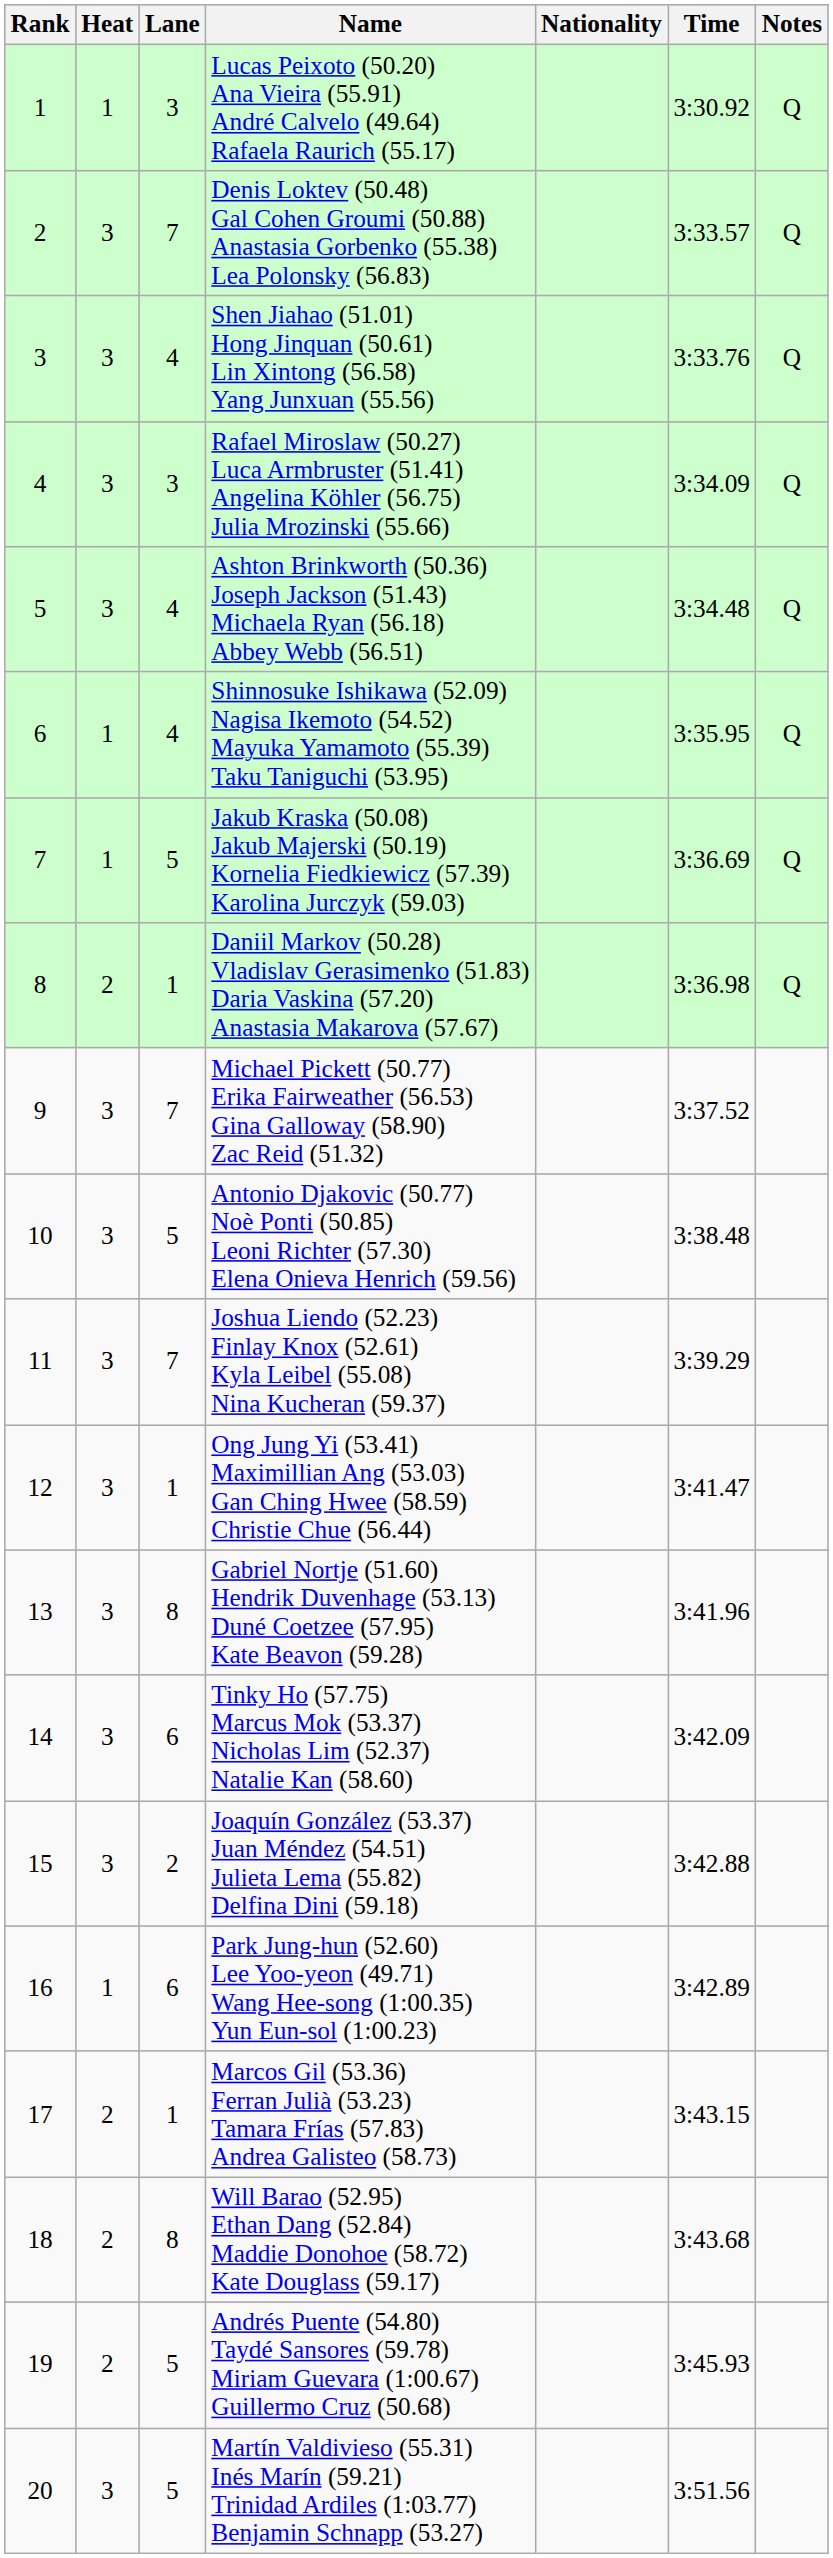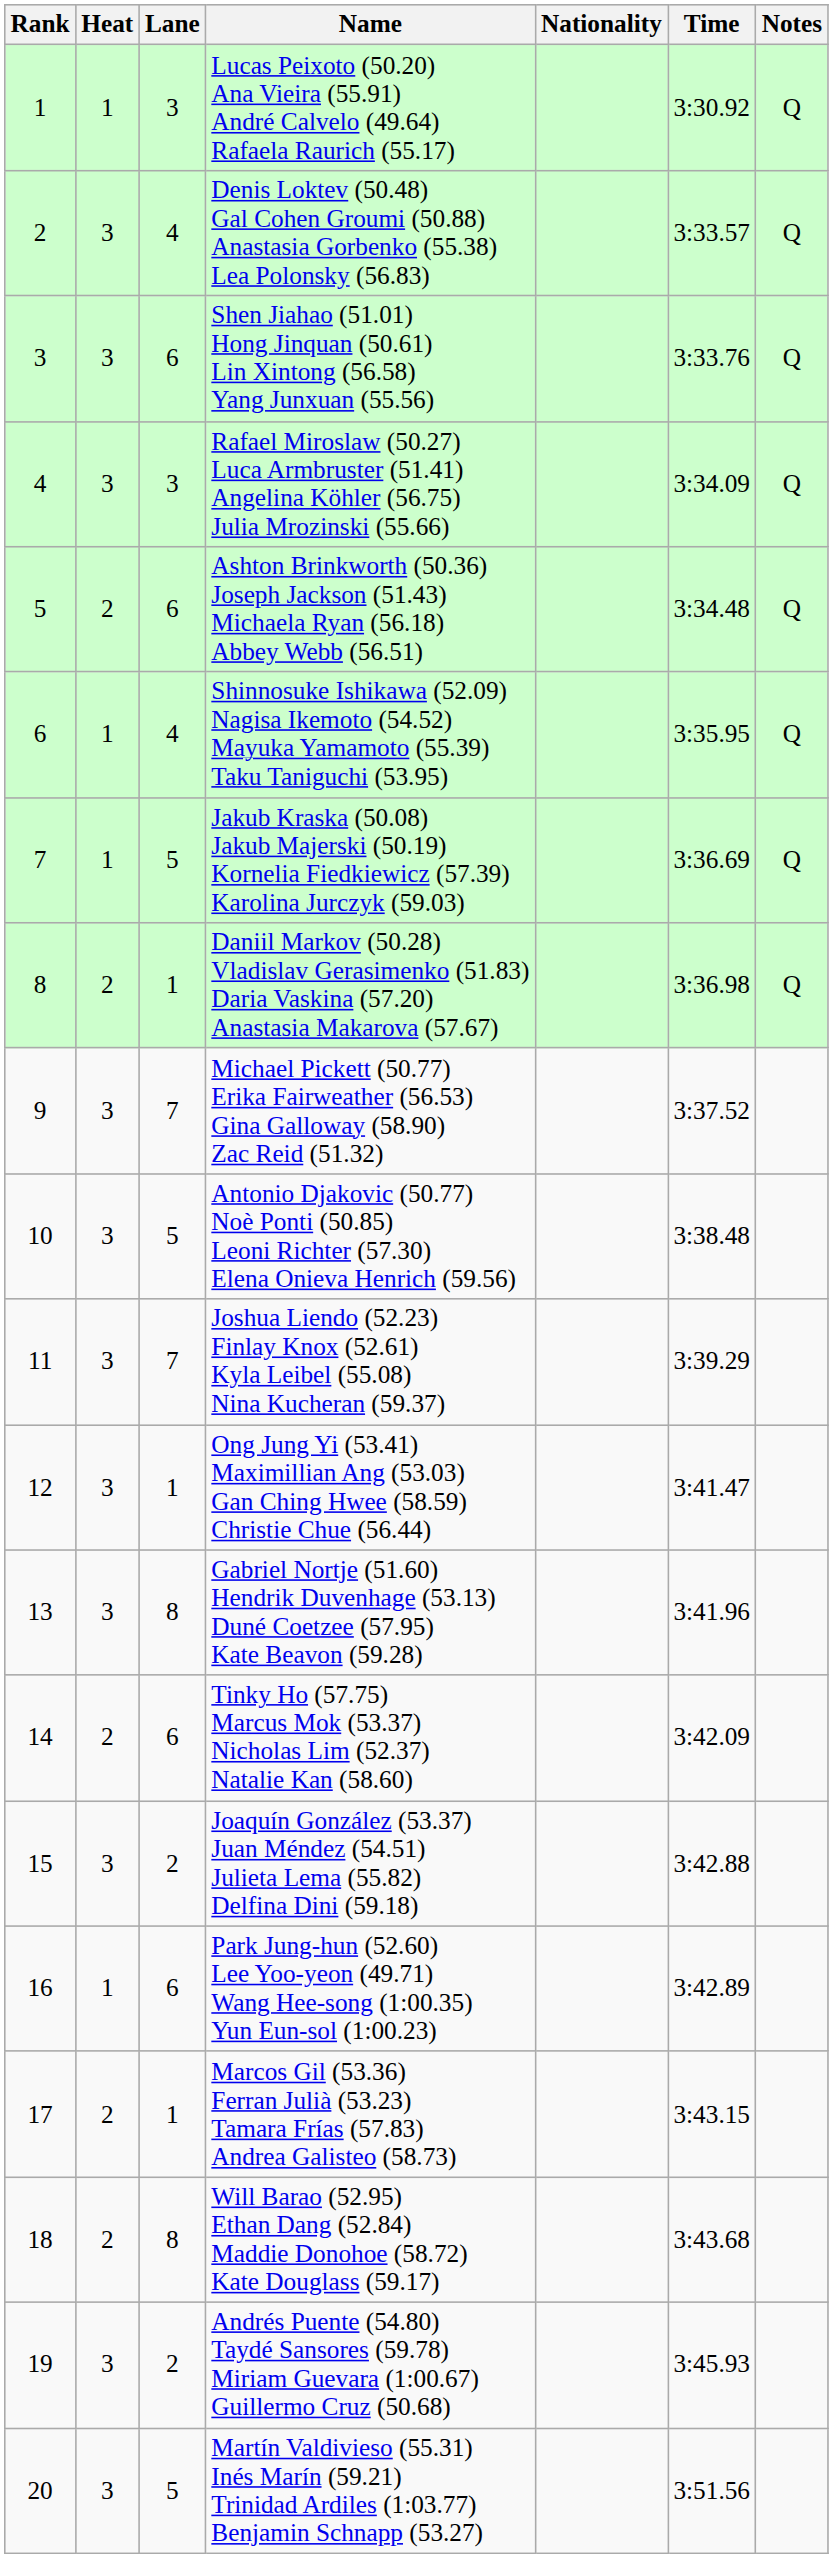 <table class="wikitable sortable" style="text-align:center">
 <tr>
 <th>Rank</th>
 <th>Heat</th>
 <th>Lane</th>
 <th>Name</th>
 <th>Nationality</th>
 <th>Time</th>
 <th>Notes</th>
 </tr>
 <tr bgcolor=ccffcc>
 <td>1</td>
 <td>1</td>
 <td>3</td>
 <td align=left><a href='#'>Lucas Peixoto</a> (50.20)<br><a href='#'>Ana Vieira</a> (55.91)<br><a href='#'>André Calvelo</a> (49.64)<br><a href='#'>Rafaela Raurich</a> (55.17)</td>
 <td align=left></td>
 <td>3:30.92</td>
 <td>Q</td>
 </tr>
 <tr bgcolor=ccffcc>
 <td>2</td>
 <td>3</td>
-<td>7</td>
+<td>4</td>
 <td align=left><a href='#'>Denis Loktev</a> (50.48)<br><a href='#'>Gal Cohen Groumi</a> (50.88)<br><a href='#'>Anastasia Gorbenko</a> (55.38)<br><a href='#'>Lea Polonsky</a> (56.83)</td>
 <td align=left></td>
 <td>3:33.57</td>
 <td>Q</td>
 </tr>
 <tr bgcolor=ccffcc>
 <td>3</td>
 <td>3</td>
-<td>4</td>
+<td>6</td>
 <td align=left><a href='#'>Shen Jiahao</a> (51.01)<br><a href='#'>Hong Jinquan</a> (50.61)<br><a href='#'>Lin Xintong</a> (56.58)<br><a href='#'>Yang Junxuan</a> (55.56)</td>
 <td align=left></td>
 <td>3:33.76</td>
 <td>Q</td>
 </tr>
 <tr bgcolor=ccffcc>
 <td>4</td>
 <td>3</td>
 <td>3</td>
 <td align=left><a href='#'>Rafael Miroslaw</a> (50.27)<br><a href='#'>Luca Armbruster</a> (51.41)<br><a href='#'>Angelina Köhler</a> (56.75)<br><a href='#'>Julia Mrozinski</a> (55.66)</td>
 <td align=left></td>
 <td>3:34.09</td>
 <td>Q</td>
 </tr>
 <tr bgcolor=ccffcc>
 <td>5</td>
-<td>3</td>
-<td>4</td>
+<td>2</td>
+<td>6</td>
 <td align=left><a href='#'>Ashton Brinkworth</a> (50.36)<br><a href='#'>Joseph Jackson</a> (51.43)<br><a href='#'>Michaela Ryan</a> (56.18)<br><a href='#'>Abbey Webb</a> (56.51)</td>
 <td align=left></td>
 <td>3:34.48</td>
 <td>Q</td>
 </tr>
 <tr bgcolor=ccffcc>
 <td>6</td>
 <td>1</td>
 <td>4</td>
 <td align=left><a href='#'>Shinnosuke Ishikawa</a> (52.09)<br><a href='#'>Nagisa Ikemoto</a> (54.52)<br><a href='#'>Mayuka Yamamoto</a> (55.39)<br><a href='#'>Taku Taniguchi</a> (53.95)</td>
 <td align=left></td>
 <td>3:35.95</td>
 <td>Q</td>
 </tr>
 <tr bgcolor=ccffcc>
 <td>7</td>
 <td>1</td>
 <td>5</td>
 <td align=left><a href='#'>Jakub Kraska</a> (50.08)<br><a href='#'>Jakub Majerski</a> (50.19)<br><a href='#'>Kornelia Fiedkiewicz</a> (57.39)<br><a href='#'>Karolina Jurczyk</a> (59.03)</td>
 <td align=left></td>
 <td>3:36.69</td>
 <td>Q</td>
 </tr>
 <tr bgcolor=ccffcc>
 <td>8</td>
 <td>2</td>
 <td>1</td>
 <td align=left><a href='#'>Daniil Markov</a> (50.28)<br><a href='#'>Vladislav Gerasimenko</a> (51.83)<br><a href='#'>Daria Vaskina</a> (57.20)<br><a href='#'>Anastasia Makarova</a> (57.67)</td>
 <td align=left></td>
 <td>3:36.98</td>
 <td>Q</td>
 </tr>
 <tr>
 <td>9</td>
 <td>3</td>
 <td>7</td>
 <td align=left><a href='#'>Michael Pickett</a> (50.77)<br><a href='#'>Erika Fairweather</a> (56.53)<br><a href='#'>Gina Galloway</a> (58.90)<br><a href='#'>Zac Reid</a> (51.32)</td>
 <td align=left></td>
 <td>3:37.52</td>
 <td></td>
 </tr>
 <tr>
 <td>10</td>
 <td>3</td>
 <td>5</td>
 <td align=left><a href='#'>Antonio Djakovic</a> (50.77)<br><a href='#'>Noè Ponti</a> (50.85)<br><a href='#'>Leoni Richter</a> (57.30)<br><a href='#'>Elena Onieva Henrich</a> (59.56)</td>
 <td align=left></td>
 <td>3:38.48</td>
 <td></td>
 </tr>
 <tr>
 <td>11</td>
 <td>3</td>
 <td>7</td>
 <td align=left><a href='#'>Joshua Liendo</a> (52.23)<br><a href='#'>Finlay Knox</a> (52.61)<br><a href='#'>Kyla Leibel</a>  (55.08)<br><a href='#'>Nina Kucheran</a> (59.37)</td>
 <td align=left></td>
 <td>3:39.29</td>
 <td></td>
 </tr>
 <tr>
 <td>12</td>
 <td>3</td>
 <td>1</td>
 <td align=left><a href='#'>Ong Jung Yi</a> (53.41)<br><a href='#'>Maximillian Ang</a> (53.03)<br><a href='#'>Gan Ching Hwee</a> (58.59)<br><a href='#'>Christie Chue</a> (56.44)</td>
 <td align=left></td>
 <td>3:41.47</td>
 <td></td>
 </tr>
 <tr>
 <td>13</td>
 <td>3</td>
 <td>8</td>
 <td align=left><a href='#'>Gabriel Nortje</a> (51.60)<br><a href='#'>Hendrik Duvenhage</a> (53.13)<br><a href='#'>Duné Coetzee</a> (57.95)<br><a href='#'>Kate Beavon</a> (59.28)</td>
 <td align=left></td>
 <td>3:41.96</td>
 <td></td>
 </tr>
 <tr>
 <td>14</td>
-<td>3</td>
+<td>2</td>
 <td>6</td>
 <td align=left><a href='#'>Tinky Ho</a> (57.75)<br><a href='#'>Marcus Mok</a> (53.37)<br><a href='#'>Nicholas Lim</a> (52.37)<br><a href='#'>Natalie Kan</a> (58.60)</td>
 <td align=left></td>
 <td>3:42.09</td>
 <td></td>
 </tr>
 <tr>
 <td>15</td>
 <td>3</td>
 <td>2</td>
 <td align=left><a href='#'>Joaquín González</a> (53.37)<br><a href='#'>Juan Méndez</a> (54.51)<br><a href='#'>Julieta Lema</a> (55.82)<br><a href='#'>Delfina Dini</a> (59.18)</td>
 <td align=left></td>
 <td>3:42.88</td>
 <td></td>
 </tr>
 <tr>
 <td>16</td>
 <td>1</td>
 <td>6</td>
 <td align=left><a href='#'>Park Jung-hun</a> (52.60)<br><a href='#'>Lee Yoo-yeon</a> (49.71)<br><a href='#'>Wang Hee-song</a> (1:00.35)<br><a href='#'>Yun Eun-sol</a> (1:00.23)</td>
 <td align=left></td>
 <td>3:42.89</td>
 <td></td>
 </tr>
 <tr>
 <td>17</td>
 <td>2</td>
 <td>1</td>
 <td align=left><a href='#'>Marcos Gil</a> (53.36)<br><a href='#'>Ferran Julià</a> (53.23)<br><a href='#'>Tamara Frías</a> (57.83)<br><a href='#'>Andrea Galisteo</a> (58.73)</td>
 <td align=left></td>
 <td>3:43.15</td>
 <td></td>
 </tr>
 <tr>
 <td>18</td>
 <td>2</td>
 <td>8</td>
 <td align=left><a href='#'>Will Barao</a> (52.95)<br><a href='#'>Ethan Dang</a> (52.84)<br><a href='#'>Maddie Donohoe</a> (58.72)<br><a href='#'>Kate Douglass</a> (59.17)</td>
 <td align=left></td>
 <td>3:43.68</td>
 <td></td>
 </tr>
 <tr>
 <td>19</td>
+<td>3</td>
 <td>2</td>
-<td>5</td>
 <td align=left><a href='#'>Andrés Puente</a> (54.80)<br><a href='#'>Taydé Sansores</a> (59.78)<br><a href='#'>Miriam Guevara</a> (1:00.67)<br><a href='#'>Guillermo Cruz</a> (50.68)</td>
 <td align=left></td>
 <td>3:45.93</td>
 <td></td>
 </tr>
 <tr>
 <td>20</td>
 <td>3</td>
 <td>5</td>
 <td align=left><a href='#'>Martín Valdivieso</a> (55.31)<br><a href='#'>Inés Marín</a> (59.21)<br><a href='#'>Trinidad Ardiles</a> (1:03.77)<br><a href='#'>Benjamin Schnapp</a> (53.27)</td>
 <td align=left></td>
 <td>3:51.56</td>
 <td></td>
 </tr>
 </table>
